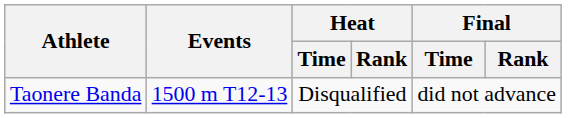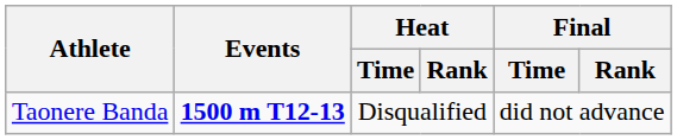 <table class=wikitable style="font-size:90%">
 <tr>
 <th rowspan="2">Athlete</th>
 <th rowspan="2">Events</th>
 <th colspan="2">Heat</th>
 <th colspan="2">Final</th>
 </tr>
 <tr>
 <th>Time</th>
 <th>Rank</th>
 <th>Time</th>
 <th>Rank</th>
 </tr>
 <tr align=center>
 <td align=left><a href='#'>Taonere Banda</a></td>
-<td align=left><a href='#'>1500 m T12-13</a></td>
+<td align=left><strong><a href='#'>1500 m T12-13</a></strong></td>
 <td colspan=2>Disqualified</td>
 <td colspan=2>did not advance</td>
 </tr>
 </table>
